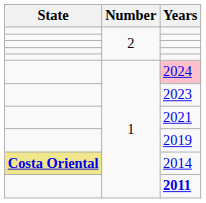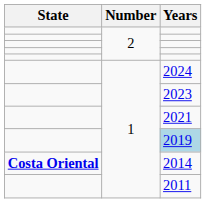 <table class="wikitable sortable">
 <tr>
 <th>State</th>
 <th>Number</th>
 <th>Years</th>
 </tr>
 <tr>
 <td><strong></strong></td>
 <td rowspan="5" style="text-align:center;">2</td>
 <td></td>
 </tr>
 <tr>
 <td><strong></strong></td>
 <td></td>
 </tr>
 <tr>
 <td><strong></strong></td>
 <td></td>
 </tr>
 <tr>
 <td><strong></strong></td>
 <td></td>
 </tr>
 <tr>
 <td><strong></strong></td>
 <td></td>
 </tr>
 <tr>
 <td><strong></strong></td>
 <td rowspan="6" style="text-align:center;">1</td>
-<td style="background: pink;"><a href='#'>2024</a></td>
+<td><a href='#'>2024</a></td>
 </tr>
 <tr>
 <td><strong></strong></td>
 <td><a href='#'>2023</a></td>
 </tr>
 <tr>
 <td><strong></strong></td>
 <td><a href='#'>2021</a></td>
 </tr>
 <tr>
 <td><strong></strong></td>
-<td><a href='#'>2019</a></td>
+<td style="background: lightblue;"><a href='#'>2019</a></td>
 </tr>
 <tr>
-<td style="background: khaki;"><strong> <a href='#'>Costa Oriental</a></strong></td>
+<td><strong> <a href='#'>Costa Oriental</a></strong></td>
 <td><a href='#'>2014</a></td>
 </tr>
 <tr>
 <td><strong></strong></td>
-<td><strong><a href='#'>2011</a></strong></td>
+<td><a href='#'>2011</a></td>
 </tr>
 </table>
